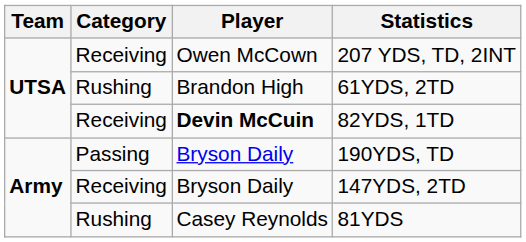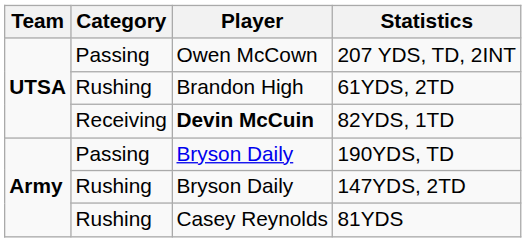 <table class="wikitable" style="float: right;">
 <tr>
 <th>Team</th>
 <th>Category</th>
 <th>Player</th>
 <th>Statistics</th>
 </tr>
 <tr>
 <td rowspan=3><strong>UTSA</strong></td>
-<td>Receiving</td>
+<td>Passing</td>
 <td>Owen McCown</td>
 <td>207 YDS, TD, 2INT</td>
 </tr>
 <tr>
 <td>Rushing</td>
 <td>Brandon High</td>
 <td>61YDS, 2TD</td>
 </tr>
 <tr>
 <td>Receiving</td>
 <td><strong>Devin McCuin</strong></td>
 <td>82YDS, 1TD</td>
 </tr>
 <tr>
 <td rowspan=3><strong>Army</strong></td>
 <td>Passing</td>
 <td><a href='#'>Bryson Daily</a></td>
 <td>190YDS, TD</td>
 </tr>
 <tr>
-<td>Receiving</td>
+<td>Rushing</td>
 <td>Bryson Daily</td>
 <td>147YDS, 2TD</td>
 </tr>
 <tr>
 <td>Rushing</td>
 <td>Casey Reynolds</td>
 <td>81YDS</td>
 </tr>
 </table>
